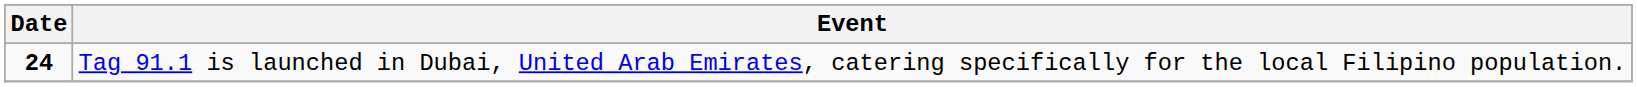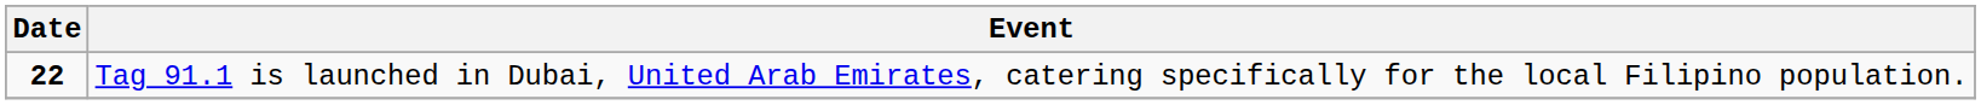 <table class="wikitable">
 <tr>
 <th>Date</th>
 <th>Event</th>
 </tr>
 <tr>
-<td style="text-align:center;"><strong>24</strong></td>
+<td style="text-align:center;"><strong>22</strong></td>
 <td><a href='#'>Tag 91.1</a> is launched in Dubai, <a href='#'>United Arab Emirates</a>, catering specifically for the local Filipino population.</td>
 </tr>
 <tr>
 </tr>
 </table>
